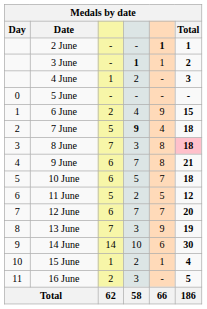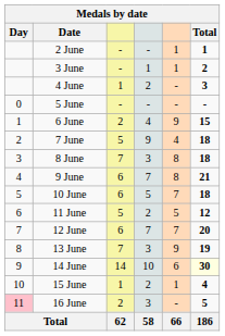 <table class="wikitable sortable" style="font-size:90%; text-align:center">
 <tr style="background:#efefef;">
 <th colspan=6>Medals by date</th>
 </tr>
 <tr>
 <th width=30>Day</th>
 <th width=90>Date</th>
 <th width=30 style="background:#F7F6A8;"></th>
 <th width=30 style="background:#DCE5E5;"></th>
 <th width=30 style="background:#FFDAB9;"></th>
 <th width=30>Total</th>
 </tr>
 <tr>
 <td></td>
 <td>2 June</td>
 <td style="background:#F7F6A8;">-</td>
 <td style="background:#DCE5E5;">-</td>
-<td style="background:#FFDAB9;"><strong>1</strong></td>
+<td style="background:#FFDAB9;">1</td>
 <td><strong>1</strong></td>
 </tr>
 <tr>
 <td></td>
 <td>3 June</td>
 <td style="background:#F7F6A8;">-</td>
-<td style="background:#DCE5E5;"><strong>1</strong></td>
+<td style="background:#DCE5E5;">1</td>
 <td style="background:#FFDAB9;">1</td>
 <td><strong>2</strong></td>
 </tr>
 <tr>
 <td></td>
 <td>4 June</td>
 <td style="background:#F7F6A8;">1</td>
 <td style="background:#DCE5E5;">2</td>
 <td style="background:#FFDAB9;">-</td>
 <td><strong>3</strong></td>
 </tr>
 <tr>
 <td>0</td>
 <td>5 June</td>
 <td style="background:#F7F6A8;">-</td>
 <td style="background:#DCE5E5;">-</td>
 <td style="background:#FFDAB9;">-</td>
 <td><strong>-</strong></td>
 </tr>
 <tr>
 <td>1</td>
 <td>6 June</td>
 <td style="background:#F7F6A8;">2</td>
 <td style="background:#DCE5E5;">4</td>
 <td style="background:#FFDAB9;">9</td>
 <td><strong>15</strong></td>
 </tr>
 <tr>
 <td>2</td>
 <td>7 June</td>
 <td style="background:#F7F6A8;">5</td>
-<td style="background:#DCE5E5;"><strong>9</strong></td>
+<td style="background:#DCE5E5;">9</td>
 <td style="background:#FFDAB9;">4</td>
 <td><strong>18</strong></td>
 </tr>
 <tr>
 <td>3</td>
 <td>8 June</td>
 <td style="background:#F7F6A8;">7</td>
 <td style="background:#DCE5E5;">3</td>
 <td style="background:#FFDAB9;">8</td>
-<td style="background: pink;"><strong>18</strong></td>
+<td><strong>18</strong></td>
 </tr>
 <tr>
 <td>4</td>
 <td>9 June</td>
 <td style="background:#F7F6A8;">6</td>
 <td style="background:#DCE5E5;">7</td>
 <td style="background:#FFDAB9;">8</td>
 <td><strong>21</strong></td>
 </tr>
 <tr>
 <td>5</td>
 <td>10 June</td>
 <td style="background:#F7F6A8;">6</td>
 <td style="background:#DCE5E5;">5</td>
 <td style="background:#FFDAB9;">7</td>
 <td><strong>18</strong></td>
 </tr>
 <tr>
 <td>6</td>
 <td>11 June</td>
 <td style="background:#F7F6A8;">5</td>
 <td style="background:#DCE5E5;">2</td>
 <td style="background:#FFDAB9;">5</td>
 <td><strong>12</strong></td>
 </tr>
 <tr>
 <td>7</td>
 <td>12 June</td>
 <td style="background:#F7F6A8;">6</td>
 <td style="background:#DCE5E5;">7</td>
 <td style="background:#FFDAB9;">7</td>
 <td><strong>20</strong></td>
 </tr>
 <tr>
 <td>8</td>
 <td>13 June</td>
 <td style="background:#F7F6A8;">7</td>
 <td style="background:#DCE5E5;">3</td>
 <td style="background:#FFDAB9;">9</td>
 <td><strong>19</strong></td>
 </tr>
 <tr>
 <td>9</td>
 <td>14 June</td>
 <td style="background:#F7F6A8;">14</td>
 <td style="background:#DCE5E5;">10</td>
 <td style="background:#FFDAB9;">6</td>
-<td><strong>30</strong></td>
+<td style="background: lightyellow;"><strong>30</strong></td>
 </tr>
 <tr>
 <td>10</td>
 <td>15 June</td>
 <td style="background:#F7F6A8;">1</td>
 <td style="background:#DCE5E5;">2</td>
 <td style="background:#FFDAB9;">1</td>
 <td><strong>4</strong></td>
 </tr>
 <tr>
-<td>11</td>
+<td style="background: pink;">11</td>
 <td>16 June</td>
 <td style="background:#F7F6A8;">2</td>
 <td style="background:#DCE5E5;">3</td>
 <td style="background:#FFDAB9;">-</td>
 <td><strong>5</strong></td>
 </tr>
 <tr>
 <th colspan="2">Total</th>
 <th>62</th>
 <th>58</th>
 <th>66</th>
 <th>186</th>
 </tr>
 </table>
